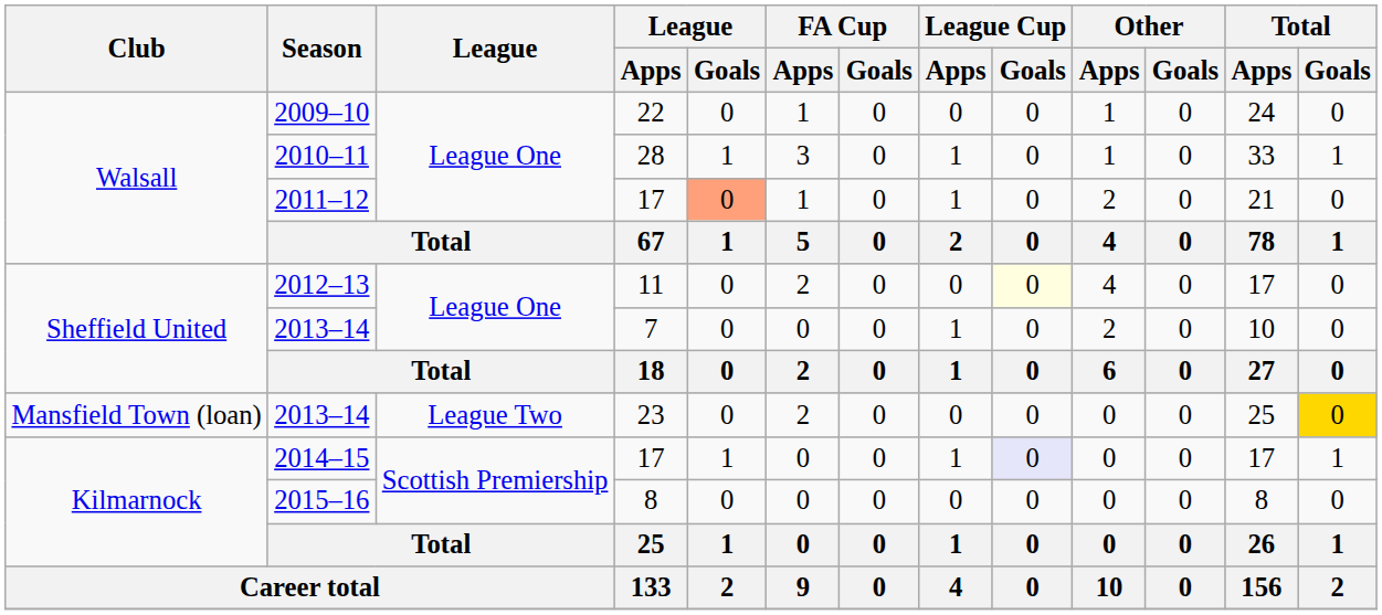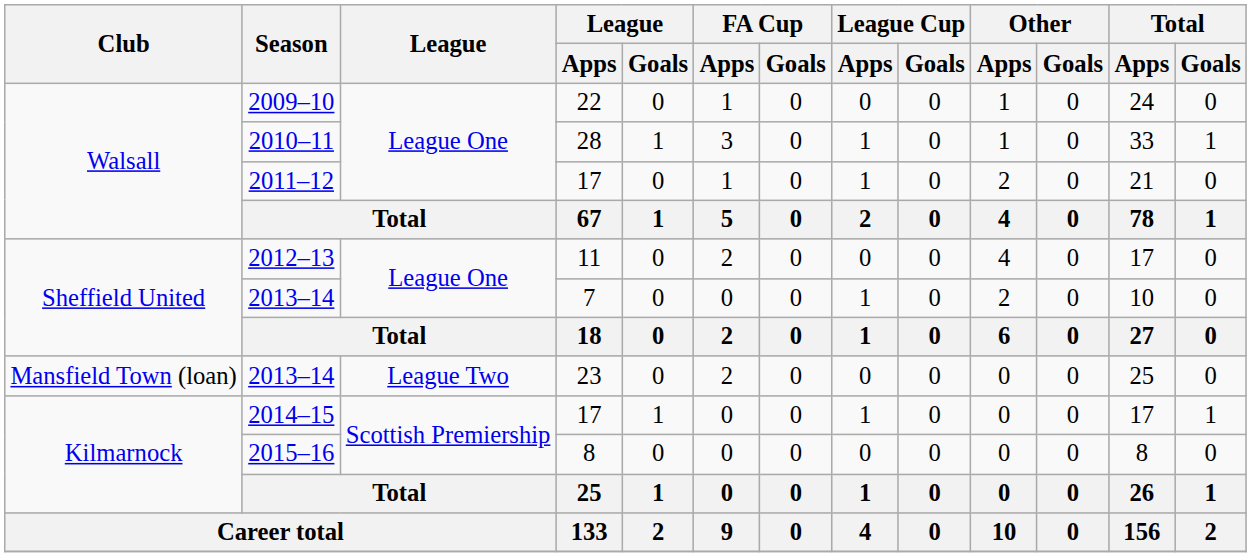 <table class="wikitable" style="text-align: center;">
 <tr>
 <th rowspan="2">Club</th>
 <th rowspan="2">Season</th>
 <th rowspan="2">League</th>
 <th colspan="2">League</th>
 <th colspan="2">FA Cup</th>
 <th colspan="2">League Cup</th>
 <th colspan="2">Other</th>
 <th colspan="2">Total</th>
 </tr>
 <tr>
 <th>Apps</th>
 <th>Goals</th>
 <th>Apps</th>
 <th>Goals</th>
 <th>Apps</th>
 <th>Goals</th>
 <th>Apps</th>
 <th>Goals</th>
 <th>Apps</th>
 <th>Goals</th>
 </tr>
 <tr>
 <td rowspan="4"><a href='#'>Walsall</a></td>
 <td><a href='#'>2009–10</a></td>
 <td rowspan="3"><a href='#'>League One</a></td>
 <td>22</td>
 <td>0</td>
 <td>1</td>
 <td>0</td>
 <td>0</td>
 <td>0</td>
 <td>1</td>
 <td>0</td>
 <td>24</td>
 <td>0</td>
 </tr>
 <tr>
 <td><a href='#'>2010–11</a></td>
 <td>28</td>
 <td>1</td>
 <td>3</td>
 <td>0</td>
 <td>1</td>
 <td>0</td>
 <td>1</td>
 <td>0</td>
 <td>33</td>
 <td>1</td>
 </tr>
 <tr>
 <td><a href='#'>2011–12</a></td>
 <td>17</td>
-<td style="background: lightsalmon;">0</td>
+<td>0</td>
 <td>1</td>
 <td>0</td>
 <td>1</td>
 <td>0</td>
 <td>2</td>
 <td>0</td>
 <td>21</td>
 <td>0</td>
 </tr>
 <tr>
 <th colspan="2">Total</th>
 <th>67</th>
 <th>1</th>
 <th>5</th>
 <th>0</th>
 <th>2</th>
 <th>0</th>
 <th>4</th>
 <th>0</th>
 <th>78</th>
 <th>1</th>
 </tr>
 <tr>
 <td rowspan="3"><a href='#'>Sheffield United</a></td>
 <td><a href='#'>2012–13</a></td>
 <td rowspan="2"><a href='#'>League One</a></td>
 <td>11</td>
 <td>0</td>
 <td>2</td>
 <td>0</td>
 <td>0</td>
-<td style="background: lightyellow;">0</td>
+<td>0</td>
 <td>4</td>
 <td>0</td>
 <td>17</td>
 <td>0</td>
 </tr>
 <tr>
 <td><a href='#'>2013–14</a></td>
 <td>7</td>
 <td>0</td>
 <td>0</td>
 <td>0</td>
 <td>1</td>
 <td>0</td>
 <td>2</td>
 <td>0</td>
 <td>10</td>
 <td>0</td>
 </tr>
 <tr>
 <th colspan="2">Total</th>
 <th>18</th>
 <th>0</th>
 <th>2</th>
 <th>0</th>
 <th>1</th>
 <th>0</th>
 <th>6</th>
 <th>0</th>
 <th>27</th>
 <th>0</th>
 </tr>
 <tr>
 <td><a href='#'>Mansfield Town</a> (loan)</td>
 <td><a href='#'>2013–14</a></td>
 <td><a href='#'>League Two</a></td>
 <td>23</td>
 <td>0</td>
 <td>2</td>
 <td>0</td>
 <td>0</td>
 <td>0</td>
 <td>0</td>
 <td>0</td>
 <td>25</td>
-<td style="background: gold;">0</td>
+<td>0</td>
 </tr>
 <tr>
 <td rowspan="3"><a href='#'>Kilmarnock</a></td>
 <td><a href='#'>2014–15</a></td>
 <td rowspan="2"><a href='#'>Scottish Premiership</a></td>
 <td>17</td>
 <td>1</td>
 <td>0</td>
 <td>0</td>
 <td>1</td>
-<td style="background: lavender;">0</td>
+<td>0</td>
 <td>0</td>
 <td>0</td>
 <td>17</td>
 <td>1</td>
 </tr>
 <tr>
 <td><a href='#'>2015–16</a></td>
 <td>8</td>
 <td>0</td>
 <td>0</td>
 <td>0</td>
 <td>0</td>
 <td>0</td>
 <td>0</td>
 <td>0</td>
 <td>8</td>
 <td>0</td>
 </tr>
 <tr>
 <th colspan="2">Total</th>
 <th>25</th>
 <th>1</th>
 <th>0</th>
 <th>0</th>
 <th>1</th>
 <th>0</th>
 <th>0</th>
 <th>0</th>
 <th>26</th>
 <th>1</th>
 </tr>
 <tr>
 <th colspan="3">Career total</th>
 <th>133</th>
 <th>2</th>
 <th>9</th>
 <th>0</th>
 <th>4</th>
 <th>0</th>
 <th>10</th>
 <th>0</th>
 <th>156</th>
 <th>2</th>
 </tr>
 <tr>
 </tr>
 </table>
